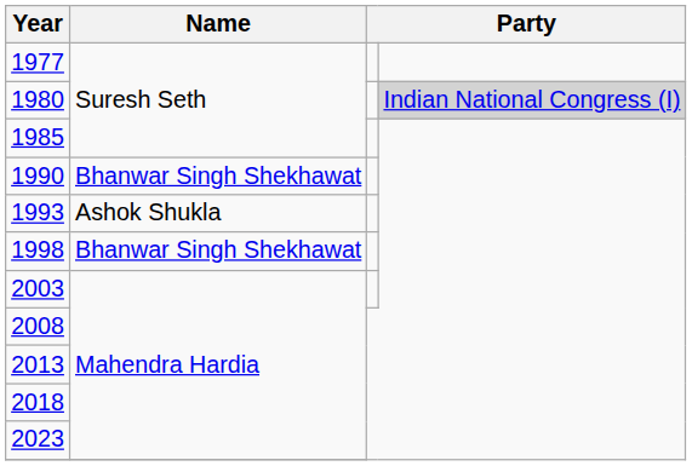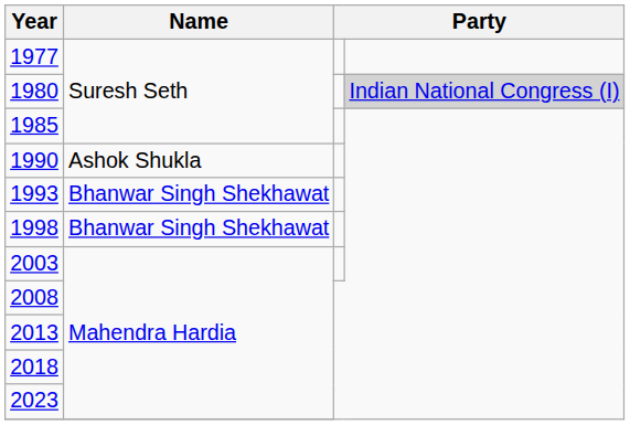 <table class="wikitable">
 <tr>
 <th>Year</th>
 <th>Name</th>
 <th colspan=2>Party</th>
 </tr>
 <tr>
 <td><a href='#'>1977</a></td>
 <td rowspan="3">Suresh Seth</td>
 <td></td>
 </tr>
 <tr>
 <td><a href='#'>1980</a></td>
 <td style="background-color: "></td>
 <td style="background: lightgrey;"><a href='#'>Indian National Congress (I)</a></td>
 </tr>
 <tr>
 <td><a href='#'>1985</a></td>
 <td></td>
 </tr>
 <tr>
 <td><a href='#'>1990</a></td>
-<td><a href='#'>Bhanwar Singh Shekhawat</a></td>
+<td>Ashok Shukla</td>
 <td></td>
 </tr>
 <tr>
 <td><a href='#'>1993</a></td>
-<td>Ashok Shukla</td>
+<td><a href='#'>Bhanwar Singh Shekhawat</a></td>
 <td></td>
 </tr>
 <tr>
 <td><a href='#'>1998</a></td>
 <td><a href='#'>Bhanwar Singh Shekhawat</a></td>
 <td></td>
 </tr>
 <tr>
 <td><a href='#'>2003</a></td>
 <td rowspan="5"><a href='#'>Mahendra Hardia</a></td>
 <td></td>
 </tr>
 <tr>
 <td><a href='#'>2008</a></td>
 </tr>
 <tr>
 <td><a href='#'>2013</a></td>
 </tr>
 <tr>
 <td><a href='#'>2018</a></td>
 </tr>
 <tr>
 <td><a href='#'>2023</a></td>
 </tr>
 <tr>
 </tr>
 </table>
